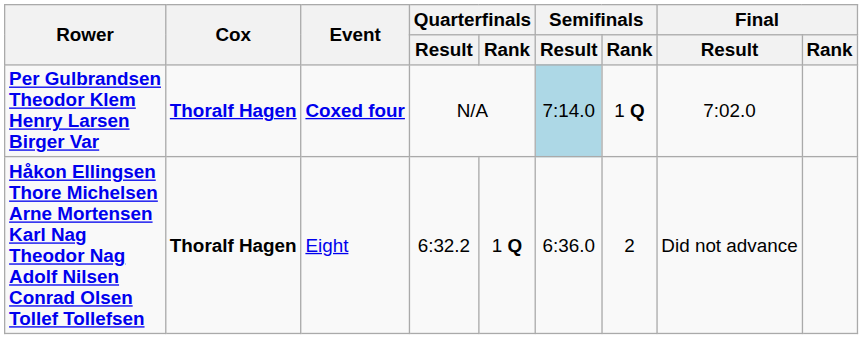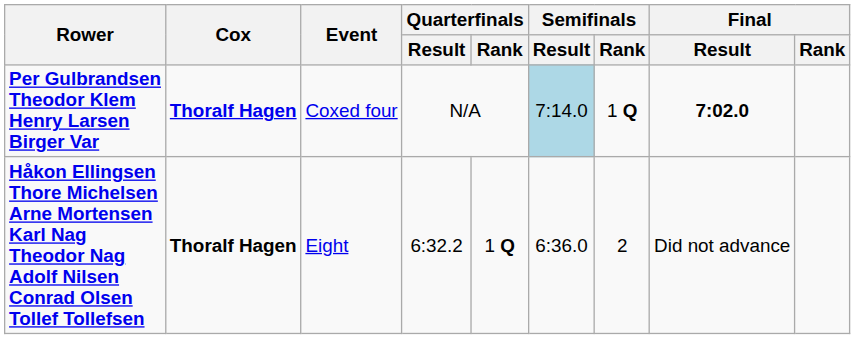 <table class=wikitable style="font-size:90%">
 <tr>
 <th rowspan=2>Rower</th>
 <th rowspan=2>Cox</th>
 <th rowspan=2>Event</th>
 <th colspan=2>Quarterfinals</th>
 <th colspan=2>Semifinals</th>
 <th colspan=2>Final</th>
 </tr>
 <tr>
 <th>Result</th>
 <th>Rank</th>
 <th>Result</th>
 <th>Rank</th>
 <th>Result</th>
 <th>Rank</th>
 </tr>
 <tr>
 <td><strong><a href='#'>Per Gulbrandsen</a> <br> <a href='#'>Theodor Klem</a> <br> <a href='#'>Henry Larsen</a> <br> <a href='#'>Birger Var</a></strong></td>
 <td><strong><a href='#'>Thoralf Hagen</a></strong></td>
-<td><strong><a href='#'>Coxed four</a></strong></td>
+<td><a href='#'>Coxed four</a></td>
 <td align=center colspan=2>N/A</td>
 <td align=center style="background: lightblue;">7:14.0</td>
 <td align=center>1 <strong>Q</strong></td>
-<td align=center>7:02.0</td>
+<td align=center><strong>7:02.0</strong></td>
 <td align=center></td>
 </tr>
 <tr>
 <td><strong><a href='#'>Håkon Ellingsen</a> <br> <a href='#'>Thore Michelsen</a> <br> <a href='#'>Arne Mortensen</a> <br> <a href='#'>Karl Nag</a> <br> <a href='#'>Theodor Nag</a> <br> <a href='#'>Adolf Nilsen</a> <br> <a href='#'>Conrad Olsen</a> <br> <a href='#'>Tollef Tollefsen</a></strong></td>
 <td><strong>Thoralf Hagen</strong></td>
 <td><a href='#'>Eight</a></td>
 <td align=center>6:32.2</td>
 <td align=center>1 <strong>Q</strong></td>
 <td align=center>6:36.0</td>
 <td align=center>2</td>
 <td align=center>Did not advance</td>
 <td align=center></td>
 </tr>
 </table>
